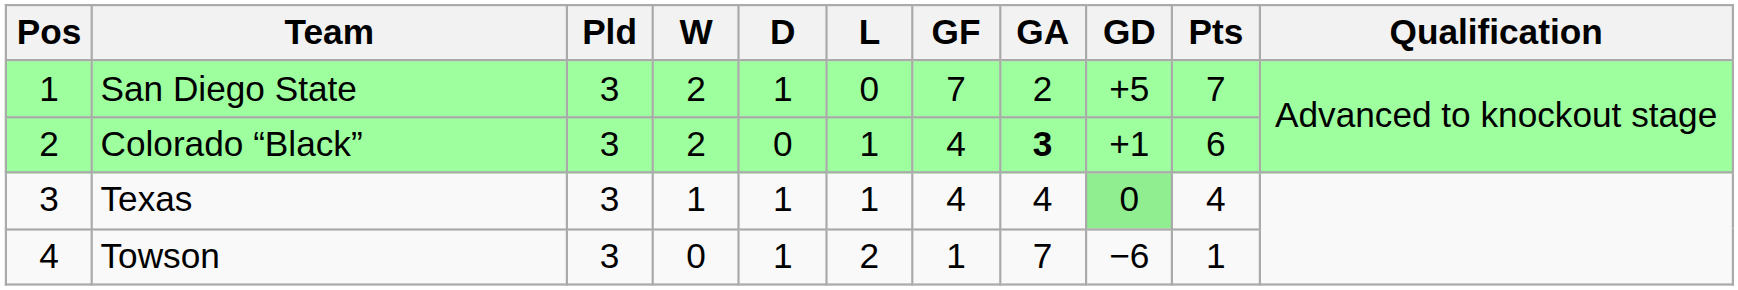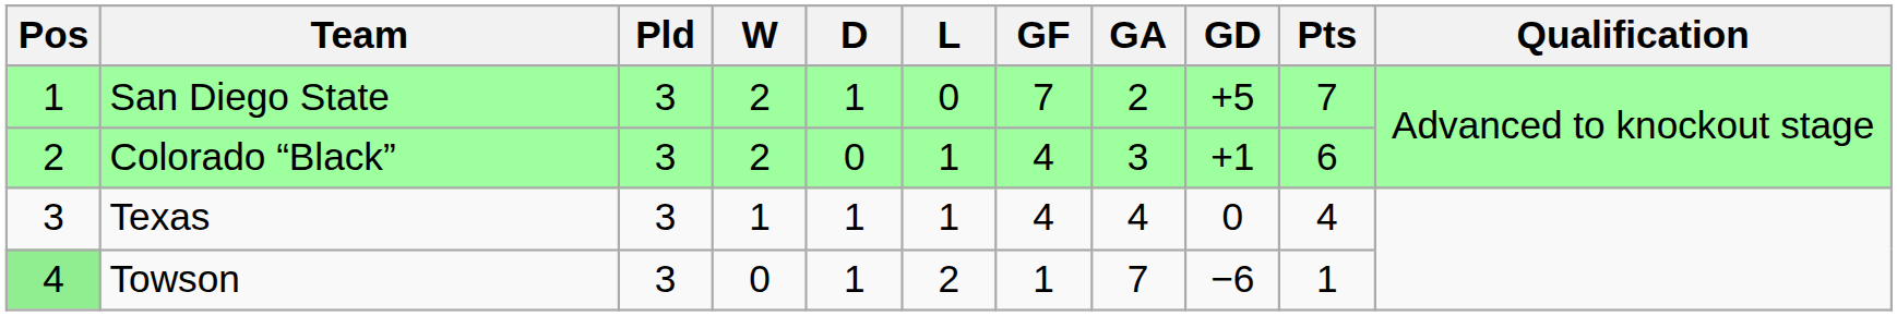 <table class="wikitable" style="text-align:center; margin: 1em auto">
 <tr>
 <th style="width:2em">Pos</th>
 <th style="width:13em">Team</th>
 <th style="width:2em">Pld</th>
 <th style="width:2em">W</th>
 <th style="width:2em">D</th>
 <th style="width:2em">L</th>
 <th style="width:2em">GF</th>
 <th style="width:2em">GA</th>
 <th style="width:2em">GD</th>
 <th style="width:2em">Pts</th>
 <th style="width:13em">Qualification</th>
 </tr>
 <tr bgcolor="#9eff9e">
 <td>1</td>
 <td style="text-align:left">San Diego State</td>
 <td>3</td>
 <td>2</td>
 <td>1</td>
 <td>0</td>
 <td>7</td>
 <td>2</td>
 <td>+5</td>
 <td>7</td>
 <td rowspan="2">Advanced to knockout stage</td>
 </tr>
 <tr bgcolor="#9eff9e">
 <td>2</td>
 <td style="text-align:left">Colorado “Black”</td>
 <td>3</td>
 <td>2</td>
 <td>0</td>
 <td>1</td>
 <td>4</td>
-<td><strong>3</strong></td>
+<td>3</td>
 <td>+1</td>
 <td>6</td>
 </tr>
 <tr>
 <td>3</td>
 <td style="text-align:left">Texas</td>
 <td>3</td>
 <td>1</td>
 <td>1</td>
 <td>1</td>
 <td>4</td>
 <td>4</td>
-<td style="background: lightgreen;">0</td>
+<td>0</td>
 <td>4</td>
 </tr>
 <tr>
-<td>4</td>
+<td style="background: lightgreen;">4</td>
 <td style="text-align:left">Towson</td>
 <td>3</td>
 <td>0</td>
 <td>1</td>
 <td>2</td>
 <td>1</td>
 <td>7</td>
 <td>−6</td>
 <td>1</td>
 </tr>
 </table>
